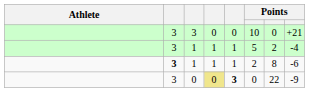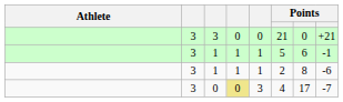 <table class="wikitable" style="text-align: center; font-size:100% ">
 <tr>
 <th rowspan=2 width=250>Athlete</th>
 <th rowspan=2 width=25></th>
 <th rowspan=2 width=25></th>
 <th rowspan=2 width=25></th>
 <th rowspan=2 width=25></th>
 <th colspan=3>Points</th>
 </tr>
 <tr>
 <th width=25></th>
 <th width=25></th>
 <th width=25></th>
 </tr>
 <tr bgcolor="ccffcc">
 <td align=left></td>
 <td>3</td>
 <td>3</td>
 <td>0</td>
 <td>0</td>
-<td>10</td>
+<td>21</td>
 <td>0</td>
 <td>+21</td>
 </tr>
 <tr bgcolor="ccffcc">
 <td align=left></td>
 <td>3</td>
 <td>1</td>
 <td>1</td>
 <td>1</td>
 <td>5</td>
-<td>2</td>
-<td>-4</td>
+<td>6</td>
+<td>-1</td>
 </tr>
 <tr>
 <td align=left></td>
-<td><strong>3</strong></td>
+<td>3</td>
 <td>1</td>
 <td>1</td>
 <td>1</td>
 <td>2</td>
 <td>8</td>
 <td>-6</td>
 </tr>
 <tr>
 <td align=left></td>
 <td>3</td>
 <td>0</td>
 <td style="background: khaki;">0</td>
-<td><strong>3</strong></td>
-<td>0</td>
-<td>22</td>
-<td>-9</td>
+<td>3</td>
+<td>4</td>
+<td>17</td>
+<td>-7</td>
 </tr>
 </table>
